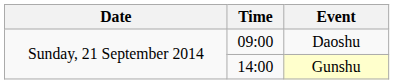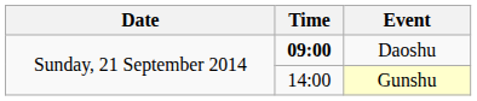 <table class = "wikitable" style="text-align:center;">
 <tr>
 <th width=220>Date</th>
 <th width=50>Time</th>
 <th width=100>Event</th>
 </tr>
 <tr>
 <td rowspan=2>Sunday, 21 September 2014</td>
-<td>09:00</td>
+<td><strong>09:00</strong></td>
 <td>Daoshu</td>
 </tr>
 <tr>
 <td>14:00</td>
 <td bgcolor=ffffcc>Gunshu</td>
 </tr>
 </table>
